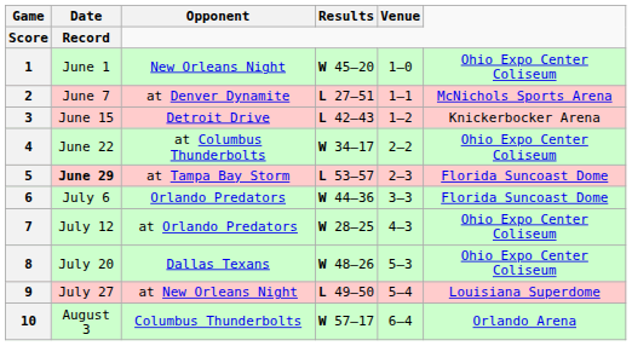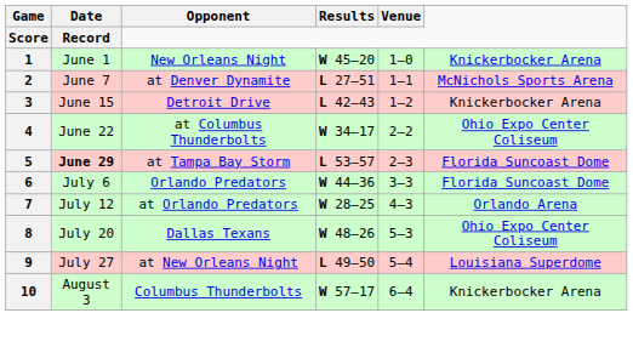 <table class="wikitable" style="text-align:center">
 <tr>
 <th>Game</th>
 <th>Date</th>
 <th>Opponent</th>
 <th>Results</th>
 <th>Venue</th>
 </tr>
 <tr>
 <th>Score</th>
 <th>Record</th>
 </tr>
 <tr style="background:#cfc">
 <th>1</th>
 <td>June 1</td>
 <td><a href='#'>New Orleans Night</a></td>
 <td><strong>W</strong> 45–20</td>
 <td>1–0</td>
-<td><a href='#'>Ohio Expo Center Coliseum</a></td>
+<td><a href='#'>Knickerbocker Arena</a></td>
 </tr>
 <tr style="background:#fcc">
 <th>2</th>
 <td>June 7</td>
 <td>at <a href='#'>Denver Dynamite</a></td>
 <td><strong>L</strong> 27–51</td>
 <td>1–1</td>
 <td><a href='#'>McNichols Sports Arena</a></td>
 </tr>
 <tr style="background:#fcc">
 <th>3</th>
 <td>June 15</td>
 <td><a href='#'>Detroit Drive</a></td>
 <td><strong>L</strong> 42–43</td>
 <td>1–2</td>
 <td>Knickerbocker Arena</td>
 </tr>
 <tr style="background:#cfc">
 <th>4</th>
 <td>June 22</td>
 <td>at <a href='#'>Columbus Thunderbolts</a></td>
 <td><strong>W</strong> 34–17</td>
 <td>2–2</td>
 <td><a href='#'>Ohio Expo Center Coliseum</a></td>
 </tr>
 <tr style="background:#fcc">
 <th>5</th>
 <td><strong>June 29</strong></td>
 <td>at <a href='#'>Tampa Bay Storm</a></td>
 <td><strong>L</strong> 53–57</td>
 <td>2–3</td>
 <td><a href='#'>Florida Suncoast Dome</a></td>
 </tr>
 <tr style="background:#cfc">
 <th>6</th>
 <td>July 6</td>
 <td><a href='#'>Orlando Predators</a></td>
 <td><strong>W</strong> 44–36</td>
 <td>3–3</td>
 <td><a href='#'>Florida Suncoast Dome</a></td>
 </tr>
 <tr style="background:#cfc">
 <th>7</th>
 <td>July 12</td>
 <td>at <a href='#'>Orlando Predators</a></td>
 <td><strong>W</strong> 28–25</td>
 <td>4–3</td>
-<td><a href='#'>Ohio Expo Center Coliseum</a></td>
+<td><a href='#'>Orlando Arena</a></td>
 </tr>
 <tr style="background:#cfc">
 <th>8</th>
 <td>July 20</td>
 <td><a href='#'>Dallas Texans</a></td>
 <td><strong>W</strong> 48–26</td>
 <td>5–3</td>
 <td><a href='#'>Ohio Expo Center Coliseum</a></td>
 </tr>
 <tr style="background:#fcc">
 <th>9</th>
 <td>July 27</td>
 <td>at <a href='#'>New Orleans Night</a></td>
 <td><strong>L</strong> 49–50</td>
 <td>5–4</td>
 <td><a href='#'>Louisiana Superdome</a></td>
 </tr>
 <tr style="background:#cfc">
 <th>10</th>
 <td>August 3</td>
 <td><a href='#'>Columbus Thunderbolts</a></td>
 <td><strong>W</strong> 57–17</td>
 <td>6–4</td>
-<td><a href='#'>Orlando Arena</a></td>
+<td>Knickerbocker Arena</td>
 </tr>
 </table>
